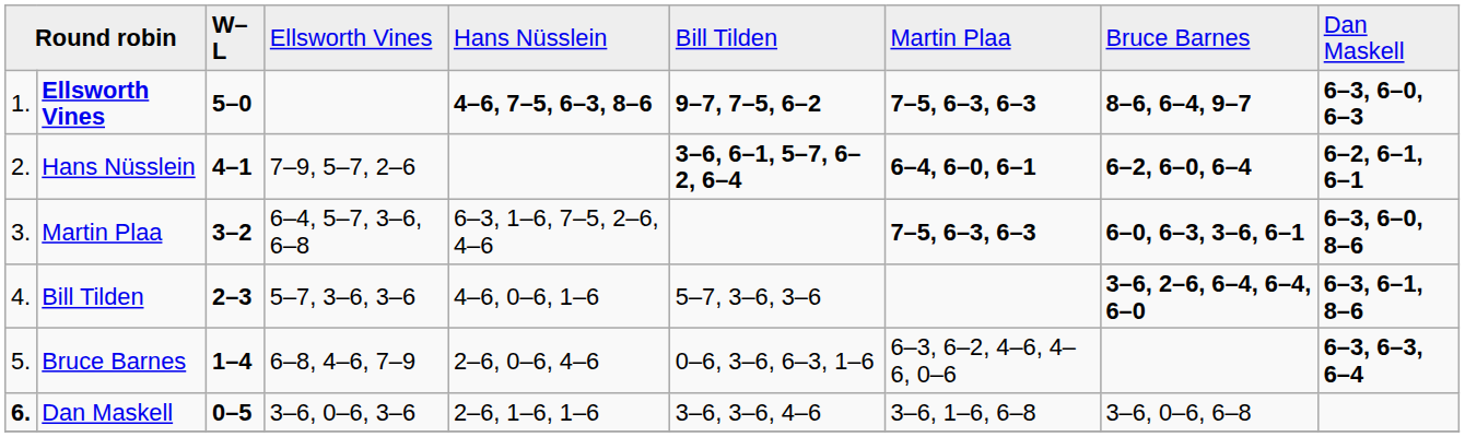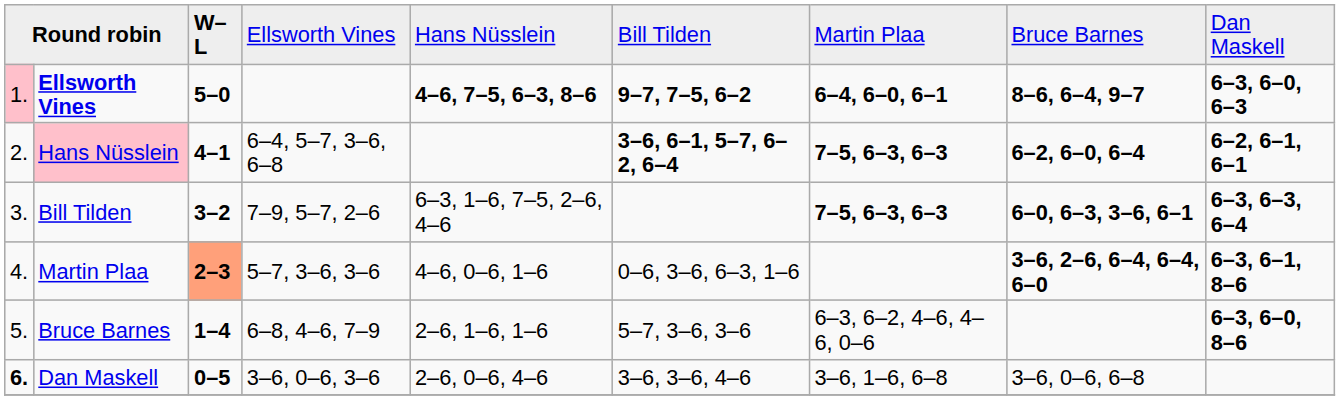 <table class="wikitable" style="font-size:89%;">
 <tr bgcolor="#eeeeee">
 <td colspan="2" align="center"><strong>Round robin</strong></td>
 <td><strong>W–L</strong></td>
 <td> <a href='#'>Ellsworth Vines</a></td>
 <td> <a href='#'>Hans Nüsslein</a></td>
 <td> <a href='#'>Bill Tilden</a></td>
 <td> <a href='#'>Martin Plaa</a></td>
 <td> <a href='#'>Bruce Barnes</a></td>
 <td> <a href='#'>Dan Maskell</a></td>
 </tr>
 <tr>
-<td>1.</td>
+<td style="background: pink;">1.</td>
 <td><strong> <a href='#'>Ellsworth Vines</a></strong></td>
 <td><strong>5–0</strong></td>
 <td></td>
 <td><strong>4–6, 7–5, 6–3, 8–6</strong></td>
 <td><strong>9–7, 7–5, 6–2</strong></td>
-<td><strong>7–5, 6–3, 6–3</strong></td>
+<td><strong>6–4, 6–0, 6–1</strong></td>
 <td><strong>8–6, 6–4, 9–7</strong></td>
 <td><strong>6–3, 6–0, 6–3</strong></td>
 </tr>
 <tr>
 <td>2.</td>
-<td> <a href='#'>Hans Nüsslein</a></td>
+<td style="background: pink;"> <a href='#'>Hans Nüsslein</a></td>
 <td><strong>4–1</strong></td>
-<td>7–9, 5–7, 2–6</td>
+<td>6–4, 5–7, 3–6, 6–8</td>
 <td></td>
 <td><strong>3–6, 6–1, 5–7, 6–2, 6–4</strong></td>
-<td><strong>6–4, 6–0, 6–1</strong></td>
+<td><strong>7–5, 6–3, 6–3</strong></td>
 <td><strong>6–2, 6–0, 6–4</strong></td>
 <td><strong>6–2, 6–1, 6–1</strong></td>
 </tr>
 <tr>
 <td>3.</td>
-<td> <a href='#'>Martin Plaa</a></td>
+<td> <a href='#'>Bill Tilden</a></td>
 <td><strong>3–2</strong></td>
-<td>6–4, 5–7, 3–6, 6–8</td>
+<td>7–9, 5–7, 2–6</td>
 <td>6–3, 1–6, 7–5, 2–6, 4–6</td>
 <td></td>
 <td><strong>7–5, 6–3, 6–3</strong></td>
 <td><strong>6–0, 6–3, 3–6, 6–1</strong></td>
-<td><strong>6–3, 6–0, 8–6</strong></td>
+<td><strong>6–3, 6–3, 6–4</strong></td>
 </tr>
 <tr>
 <td>4.</td>
-<td> <a href='#'>Bill Tilden</a></td>
-<td><strong>2–3</strong></td>
+<td> <a href='#'>Martin Plaa</a></td>
+<td style="background: lightsalmon;"><strong>2–3</strong></td>
 <td>5–7, 3–6, 3–6</td>
 <td>4–6, 0–6, 1–6</td>
-<td>5–7, 3–6, 3–6</td>
+<td>0–6, 3–6, 6–3, 1–6</td>
 <td></td>
 <td><strong>3–6, 2–6, 6–4, 6–4, 6–0</strong></td>
 <td><strong>6–3, 6–1, 8–6</strong></td>
 </tr>
 <tr>
 <td>5.</td>
 <td> <a href='#'>Bruce Barnes</a></td>
 <td><strong>1–4</strong></td>
 <td>6–8, 4–6, 7–9</td>
-<td>2–6, 0–6, 4–6</td>
-<td>0–6, 3–6, 6–3, 1–6</td>
+<td>2–6, 1–6, 1–6</td>
+<td>5–7, 3–6, 3–6</td>
 <td>6–3, 6–2, 4–6, 4–6, 0–6</td>
 <td></td>
-<td><strong>6–3, 6–3, 6–4</strong></td>
+<td><strong>6–3, 6–0, 8–6</strong></td>
 </tr>
 <tr>
 <td><strong>6.</strong></td>
 <td> <a href='#'>Dan Maskell</a></td>
 <td><strong>0–5</strong></td>
 <td>3–6, 0–6, 3–6</td>
-<td>2–6, 1–6, 1–6</td>
+<td>2–6, 0–6, 4–6</td>
 <td>3–6, 3–6, 4–6</td>
 <td>3–6, 1–6, 6–8</td>
 <td>3–6, 0–6, 6–8</td>
 <td></td>
 </tr>
 <tr>
 </tr>
 </table>
